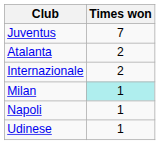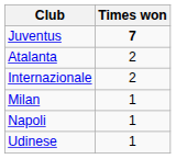 <table class="sortable wikitable">
 <tr>
 <th>Club</th>
 <th>Times won</th>
 </tr>
 <tr>
 <td><a href='#'>Juventus</a></td>
-<td align=center>7</td>
+<td align=center><strong>7</strong></td>
 </tr>
 <tr>
 <td><a href='#'>Atalanta</a></td>
 <td align=center>2</td>
 </tr>
 <tr>
 <td><a href='#'>Internazionale</a></td>
 <td align=center>2</td>
 </tr>
 <tr>
 <td><a href='#'>Milan</a></td>
-<td align=center style="background: paleturquoise;">1</td>
+<td align=center>1</td>
 </tr>
 <tr>
 <td><a href='#'>Napoli</a></td>
 <td align=center>1</td>
 </tr>
 <tr>
 <td><a href='#'>Udinese</a></td>
 <td align=center>1</td>
 </tr>
 </table>
